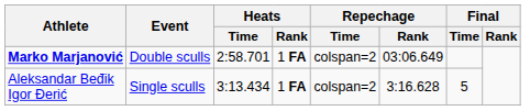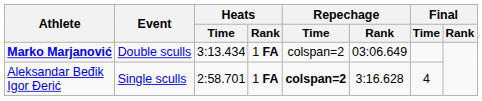 <table class=wikitable style="font-size:90%;">
 <tr>
 <th rowspan=2>Athlete</th>
 <th rowspan=2>Event</th>
 <th colspan=2>Heats</th>
 <th colspan=2>Repechage</th>
 <th colspan=2>Final</th>
 </tr>
 <tr style="font-size:95%">
 <th>Time</th>
 <th>Rank</th>
 <th>Time</th>
 <th>Rank</th>
 <th>Time</th>
 <th>Rank</th>
 </tr>
 <tr align=center>
 <td align=left><strong><a href='#'>Marko Marjanović</a></strong></td>
 <td align=left><a href='#'>Double sculls</a></td>
-<td>2:58.701</td>
+<td>3:13.434</td>
 <td>1 <strong>FA</strong></td>
 <td>colspan=2</td>
 <td>03:06.649</td>
 <td></td>
 </tr>
 <tr align=center>
 <td align=left><a href='#'>Aleksandar Beđik</a><br><a href='#'>Igor Đerić</a></td>
 <td align=left><a href='#'>Single sculls</a></td>
-<td>3:13.434</td>
+<td>2:58.701</td>
 <td>1 <strong>FA</strong></td>
-<td>colspan=2</td>
+<td><strong>colspan=2</strong></td>
 <td>3:16.628</td>
-<td>5</td>
+<td>4</td>
 </tr>
 </table>
